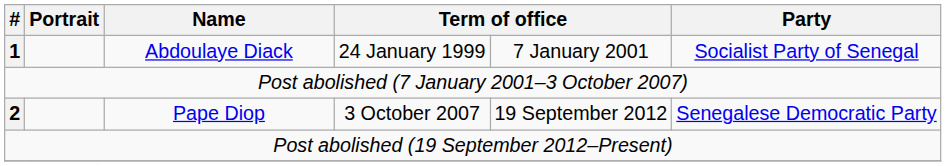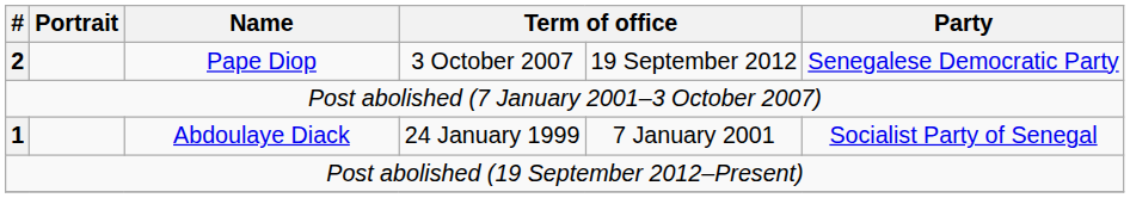 <table class="wikitable" style="text-align:center">
 <tr ->
 <th>#</th>
 <th>Portrait</th>
 <th width=180>Name</th>
 <th colspan=2>Term of office</th>
 <th>Party</th>
+</tr>
+<tr ->
+<th style="background:">2</th>
+<td></td>
+<td><a href='#'>Pape Diop</a></td>
+<td>3 October 2007</td>
+<td>19 September 2012</td>
+<td><a href='#'>Senegalese Democratic Party</a></td>
+</tr>
+<tr ->
+<td colspan="6" align=center><em>Post abolished (7 January 2001–3 October 2007)</em></td>
 </tr>
 <tr ->
 <th style="background:">1</th>
 <td></td>
 <td><a href='#'>Abdoulaye Diack</a></td>
 <td>24 January 1999</td>
 <td>7 January 2001</td>
 <td><a href='#'>Socialist Party of Senegal</a></td>
 </tr>
 <tr ->
-<td colspan="6" align=center><em>Post abolished (7 January 2001–3 October 2007)</em></td>
-</tr>
-<tr ->
-<th style="background:">2</th>
-<td></td>
-<td><a href='#'>Pape Diop</a></td>
-<td>3 October 2007</td>
-<td>19 September 2012</td>
-<td><a href='#'>Senegalese Democratic Party</a></td>
-</tr>
-<tr ->
 <td colspan="6" align=center><em>Post abolished (19 September 2012–Present)</em></td>
 </tr>
 <tr ->
 </tr>
 </table>
